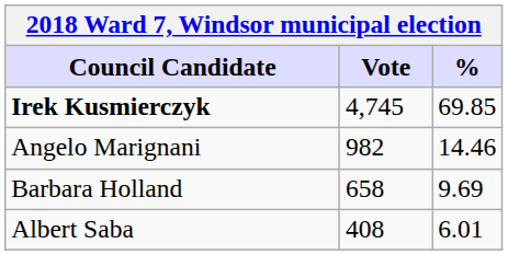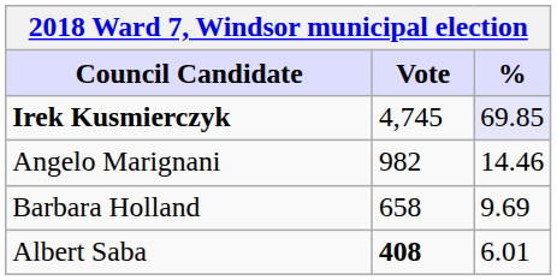 <table class="wikitable sortable">
 <tr>
 <th colspan="3"><a href='#'>2018 Ward 7, Windsor municipal election</a></th>
 </tr>
 <tr>
 <th style="background:#ddf; width:200px;">Council Candidate</th>
 <th style="background:#ddf; width:50px;">Vote</th>
 <th style="background:#ddf; width:30px;">%</th>
 </tr>
 <tr>
 <td><strong>Irek Kusmierczyk</strong></td>
 <td>4,745</td>
-<td>69.85</td>
+<td style="background: lavender;">69.85</td>
 </tr>
 <tr>
 <td>Angelo Marignani</td>
 <td>982</td>
 <td>14.46</td>
 </tr>
 <tr>
 <td>Barbara Holland</td>
 <td>658</td>
 <td>9.69</td>
 </tr>
 <tr>
 <td>Albert Saba</td>
-<td>408</td>
+<td><strong>408</strong></td>
 <td>6.01</td>
 </tr>
 </table>
